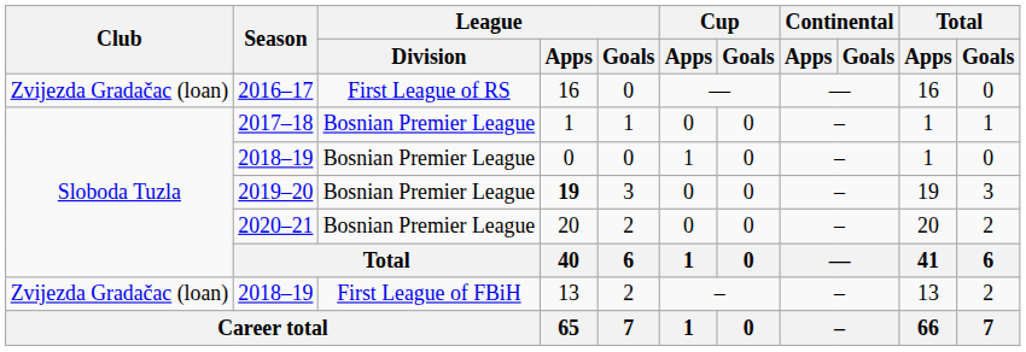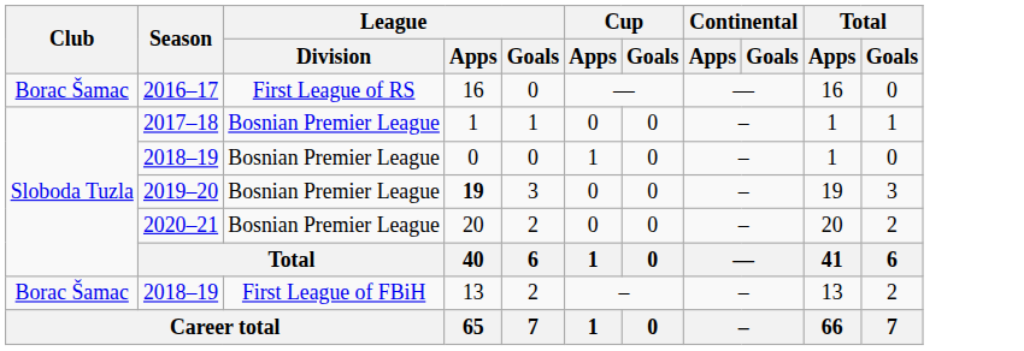 <table class=wikitable style="text-align: center">
 <tr>
 <th rowspan=2>Club</th>
 <th rowspan=2>Season</th>
 <th colspan=3>League</th>
 <th colspan=2>Cup</th>
 <th colspan=2>Continental</th>
 <th colspan=2>Total</th>
 </tr>
 <tr>
 <th>Division</th>
 <th>Apps</th>
 <th>Goals</th>
 <th>Apps</th>
 <th>Goals</th>
 <th>Apps</th>
 <th>Goals</th>
 <th>Apps</th>
 <th>Goals</th>
 </tr>
 <tr>
-<td><a href='#'>Zvijezda Gradačac</a> (loan)</td>
+<td><a href='#'>Borac Šamac</a></td>
 <td><a href='#'>2016–17</a></td>
 <td><a href='#'>First League of RS</a></td>
 <td>16</td>
 <td>0</td>
 <td colspan=2>—</td>
 <td colspan=2>—</td>
 <td>16</td>
 <td>0</td>
 </tr>
 <tr>
 <td rowspan=5><a href='#'>Sloboda Tuzla</a></td>
 <td><a href='#'>2017–18</a></td>
 <td><a href='#'>Bosnian Premier League</a></td>
 <td>1</td>
 <td>1</td>
 <td>0</td>
 <td>0</td>
 <td colspan=2>–</td>
 <td>1</td>
 <td>1</td>
 </tr>
 <tr>
 <td><a href='#'>2018–19</a></td>
 <td>Bosnian Premier League</td>
 <td>0</td>
 <td>0</td>
 <td>1</td>
 <td>0</td>
 <td colspan=2>–</td>
 <td>1</td>
 <td>0</td>
 </tr>
 <tr>
 <td><a href='#'>2019–20</a></td>
 <td>Bosnian Premier League</td>
 <td><strong>19</strong></td>
 <td>3</td>
 <td>0</td>
 <td>0</td>
 <td colspan=2>–</td>
 <td>19</td>
 <td>3</td>
 </tr>
 <tr>
 <td><a href='#'>2020–21</a></td>
 <td>Bosnian Premier League</td>
 <td>20</td>
 <td>2</td>
 <td>0</td>
 <td>0</td>
 <td colspan=2>–</td>
 <td>20</td>
 <td>2</td>
 </tr>
 <tr>
 <th colspan=2>Total</th>
 <th>40</th>
 <th>6</th>
 <th>1</th>
 <th>0</th>
 <th colspan=2>—</th>
 <th>41</th>
 <th>6</th>
 </tr>
 <tr>
-<td><a href='#'>Zvijezda Gradačac</a> (loan)</td>
+<td><a href='#'>Borac Šamac</a></td>
 <td><a href='#'>2018–19</a></td>
 <td><a href='#'>First League of FBiH</a></td>
 <td>13</td>
 <td>2</td>
 <td colspan=2>–</td>
 <td colspan=2>–</td>
 <td>13</td>
 <td>2</td>
 </tr>
 <tr>
 <th colspan=3>Career total</th>
 <th>65</th>
 <th>7</th>
 <th>1</th>
 <th>0</th>
 <th colspan=2>–</th>
 <th>66</th>
 <th>7</th>
 </tr>
 </table>
